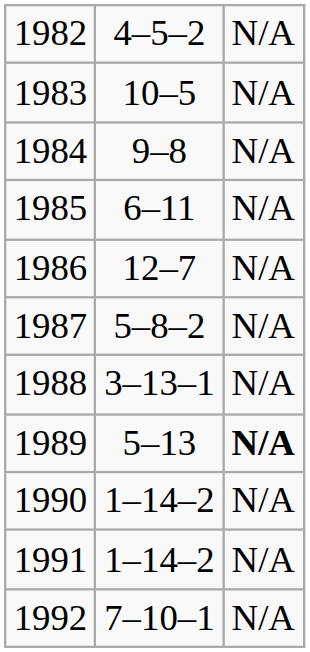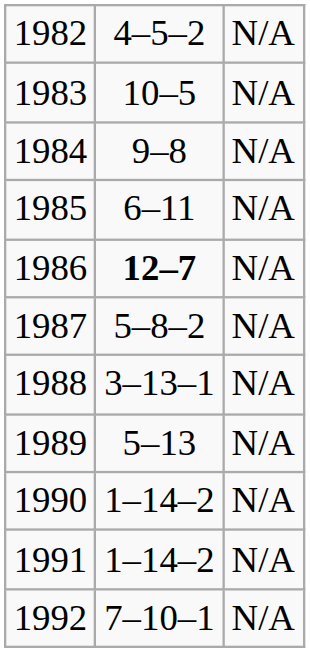 <table class="wikitable" style="text-align:center;">
 <tr>
 <td>1982</td>
 <td>4–5–2</td>
 <td>N/A</td>
 </tr>
 <tr>
 <td>1983</td>
 <td>10–5</td>
 <td>N/A</td>
 </tr>
 <tr>
 <td>1984</td>
 <td>9–8</td>
 <td>N/A</td>
 </tr>
 <tr>
 <td>1985</td>
 <td>6–11</td>
 <td>N/A</td>
 </tr>
 <tr>
 <td>1986</td>
-<td>12–7</td>
+<td><strong>12–7</strong></td>
 <td>N/A</td>
 </tr>
 <tr>
 <td>1987</td>
 <td>5–8–2</td>
 <td>N/A</td>
 </tr>
 <tr>
 <td>1988</td>
 <td>3–13–1</td>
 <td>N/A</td>
 </tr>
 <tr>
 <td>1989</td>
 <td>5–13</td>
-<td><strong>N/A</strong></td>
+<td>N/A</td>
 </tr>
 <tr>
 <td>1990</td>
 <td>1–14–2</td>
 <td>N/A</td>
 </tr>
 <tr>
 <td>1991</td>
 <td>1–14–2</td>
 <td>N/A</td>
 </tr>
 <tr>
 <td>1992</td>
 <td>7–10–1</td>
 <td>N/A</td>
 </tr>
 </table>
